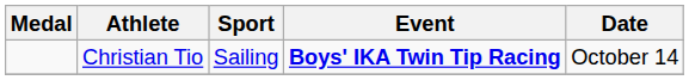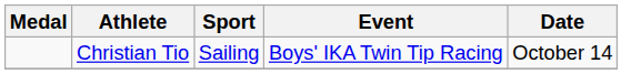 <table class="wikitable sortable" style="font-size:95%">
 <tr>
 <th>Medal</th>
 <th>Athlete</th>
 <th>Sport</th>
 <th>Event</th>
 <th>Date</th>
 </tr>
 <tr>
 <td></td>
 <td><a href='#'>Christian Tio</a></td>
 <td><a href='#'>Sailing</a></td>
-<td><strong><a href='#'>Boys' IKA Twin Tip Racing</a></strong></td>
+<td><a href='#'>Boys' IKA Twin Tip Racing</a></td>
 <td>October 14</td>
 </tr>
 <tr>
 </tr>
 </table>
